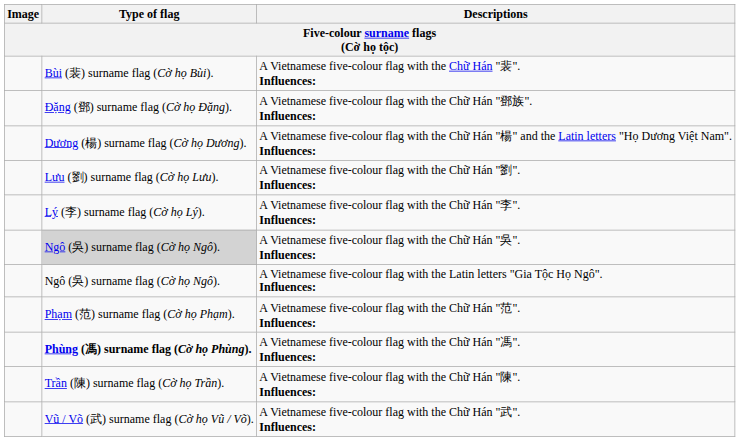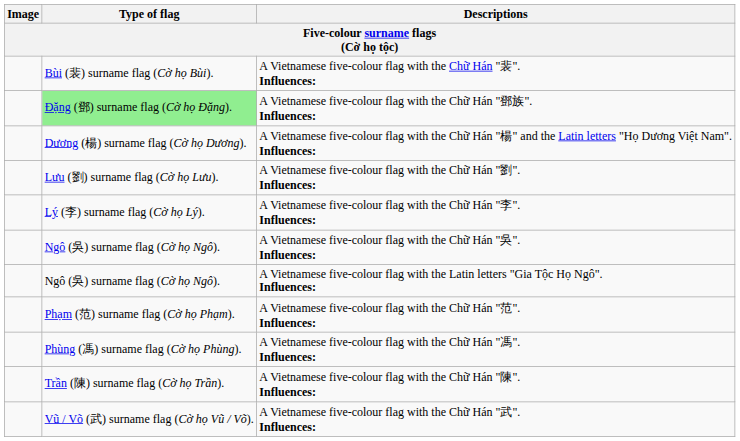 <table class="wikitable">
 <tr>
 <th>Image</th>
 <th>Type of flag</th>
 <th>Descriptions</th>
 </tr>
 <tr>
 <th colspan=3>Five-colour <a href='#'>surname</a> flags<br>(Cờ họ tộc)</th>
 </tr>
 <tr>
 <td></td>
 <td><a href='#'>Bùi</a> (裴) surname flag (<em>Cờ họ Bùi</em>). </td>
 <td>A Vietnamese five-colour flag with the <a href='#'>Chữ Hán</a> "裴".<br><strong>Influences:</strong> </td>
 </tr>
 <tr>
 <td></td>
-<td><a href='#'>Đặng</a> (鄧) surname flag (<em>Cờ họ Đặng</em>). </td>
+<td style="background: lightgreen;"><a href='#'>Đặng</a> (鄧) surname flag (<em>Cờ họ Đặng</em>). </td>
 <td>A Vietnamese five-colour flag with the Chữ Hán "鄧族".<br><strong>Influences:</strong> </td>
 </tr>
 <tr>
 <td></td>
 <td><a href='#'>Dương</a> (楊) surname flag (<em>Cờ họ Dương</em>). </td>
 <td>A Vietnamese five-colour flag with the Chữ Hán "楊" and the <a href='#'>Latin letters</a> "Họ Dương Việt Nam".<br><strong>Influences:</strong> </td>
 </tr>
 <tr>
 <td></td>
 <td><a href='#'>Lưu</a> (劉) surname flag (<em>Cờ họ Lưu</em>). </td>
 <td>A Vietnamese five-colour flag with the Chữ Hán "劉".<br><strong>Influences:</strong> </td>
 </tr>
 <tr>
 <td></td>
 <td><a href='#'>Lý</a> (李) surname flag (<em>Cờ họ Lý</em>). </td>
 <td>A Vietnamese five-colour flag with the Chữ Hán "李".<br><strong>Influences:</strong> </td>
 </tr>
 <tr>
 <td></td>
-<td style="background: lightgrey;"><a href='#'>Ngô</a> (吳) surname flag (<em>Cờ họ Ngô</em>). </td>
+<td><a href='#'>Ngô</a> (吳) surname flag (<em>Cờ họ Ngô</em>). </td>
 <td>A Vietnamese five-colour flag with the Chữ Hán "吳".<br><strong>Influences:</strong> </td>
 </tr>
 <tr>
 <td></td>
 <td>Ngô (吳) surname flag (<em>Cờ họ Ngô</em>).</td>
 <td>A Vietnamese five-colour flag with the Latin letters "Gia Tộc Họ Ngô".<br><strong>Influences:</strong> </td>
 </tr>
 <tr>
 <td></td>
 <td><a href='#'>Phạm</a> (范) surname flag (<em>Cờ họ Phạm</em>). </td>
 <td>A Vietnamese five-colour flag with the Chữ Hán "范".<br><strong>Influences:</strong> </td>
 </tr>
 <tr>
 <td></td>
-<td><strong><a href='#'>Phùng</a> (馮) surname flag (<em>Cờ họ Phùng</em>). </strong></td>
+<td><a href='#'>Phùng</a> (馮) surname flag (<em>Cờ họ Phùng</em>). </td>
 <td>A Vietnamese five-colour flag with the Chữ Hán "馮".<br><strong>Influences:</strong> </td>
 </tr>
 <tr>
 <td></td>
 <td><a href='#'>Trần</a> (陳) surname flag (<em>Cờ họ Trần</em>).</td>
 <td>A Vietnamese five-colour flag with the Chữ Hán "陳".<br><strong>Influences:</strong> </td>
 </tr>
 <tr>
 <td></td>
 <td><a href='#'>Vũ / Võ</a> (武) surname flag (<em>Cờ họ Vũ / Võ</em>).</td>
 <td>A Vietnamese five-colour flag with the Chữ Hán "武".<br><strong>Influences:</strong> </td>
 </tr>
 </table>
